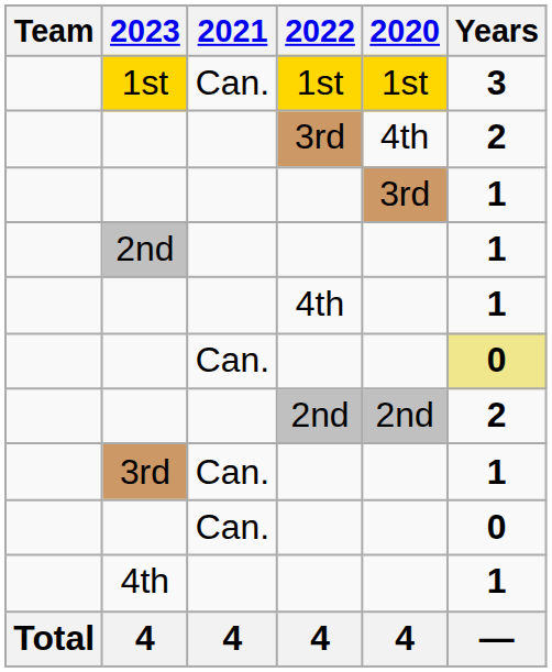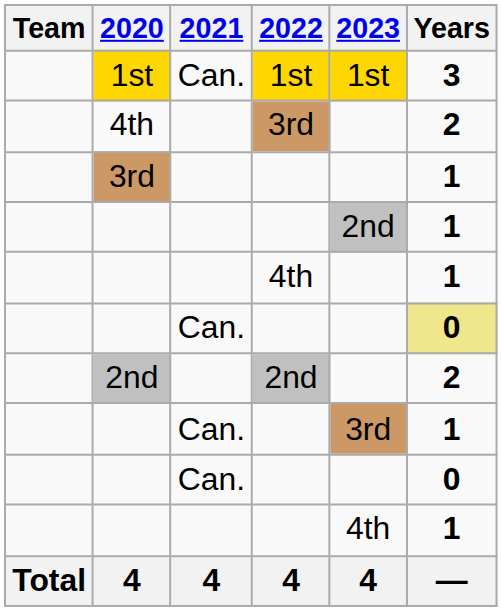 <table class="wikitable" style="text-align:center">
 <tr style="font-size:90%;">
 <th>Team</th>
-<th><a href='#'>2023</a></th>
+<th><a href='#'>2020</a></th>
 <th><a href='#'>2021</a></th>
 <th><a href='#'>2022</a></th>
-<th><a href='#'>2020</a></th>
+<th><a href='#'>2023</a></th>
 <th>Years</th>
 </tr>
 <tr>
 <td align="left"></td>
 <td bgcolor="gold">1st</td>
 <td>Can.</td>
 <td bgcolor="gold">1st</td>
 <td bgcolor="gold">1st</td>
 <td><strong>3</strong></td>
 </tr>
 <tr>
 <td align=left></td>
+<td>4th</td>
+<td></td>
+<td bgcolor=#cc9966>3rd</td>
+<td></td>
+<td><strong>2</strong></td>
+</tr>
+<tr>
+<td align=left></td>
+<td bgcolor=#cc9966>3rd</td>
 <td></td>
 <td></td>
-<td bgcolor=#cc9966>3rd</td>
-<td>4th</td>
-<td><strong>2</strong></td>
+<td></td>
+<td><strong>1</strong></td>
 </tr>
 <tr>
 <td align=left></td>
 <td></td>
 <td></td>
 <td></td>
-<td bgcolor=#cc9966>3rd</td>
-<td><strong>1</strong></td>
-</tr>
-<tr>
-<td align=left></td>
 <td bgcolor=silver>2nd</td>
-<td></td>
-<td></td>
-<td></td>
 <td><strong>1</strong></td>
 </tr>
 <tr>
 <td align=left></td>
 <td></td>
 <td></td>
 <td>4th</td>
 <td></td>
 <td><strong>1</strong></td>
 </tr>
 <tr>
 <td align=left></td>
 <td></td>
 <td>Can.</td>
 <td></td>
 <td></td>
 <td style="background: khaki;"><strong>0</strong></td>
 </tr>
 <tr>
 <td align=left></td>
-<td></td>
+<td bgcolor=silver>2nd</td>
 <td></td>
 <td bgcolor=silver>2nd</td>
-<td bgcolor=silver>2nd</td>
+<td></td>
 <td><strong>2</strong></td>
 </tr>
 <tr>
 <td align=left></td>
-<td bgcolor=#cc9966>3rd</td>
+<td></td>
 <td>Can.</td>
 <td></td>
-<td></td>
+<td bgcolor=#cc9966>3rd</td>
 <td><strong>1</strong></td>
 </tr>
 <tr>
 <td align=left></td>
 <td></td>
 <td>Can.</td>
 <td></td>
 <td></td>
 <td><strong>0</strong></td>
 </tr>
 <tr>
 <td align=left></td>
-<td>4th</td>
 <td></td>
 <td></td>
 <td></td>
+<td>4th</td>
 <td><strong>1</strong></td>
 </tr>
 <tr>
 <th align=center>Total</th>
 <th>4</th>
 <th>4</th>
 <th>4</th>
 <th>4</th>
 <th>—</th>
 </tr>
 </table>
